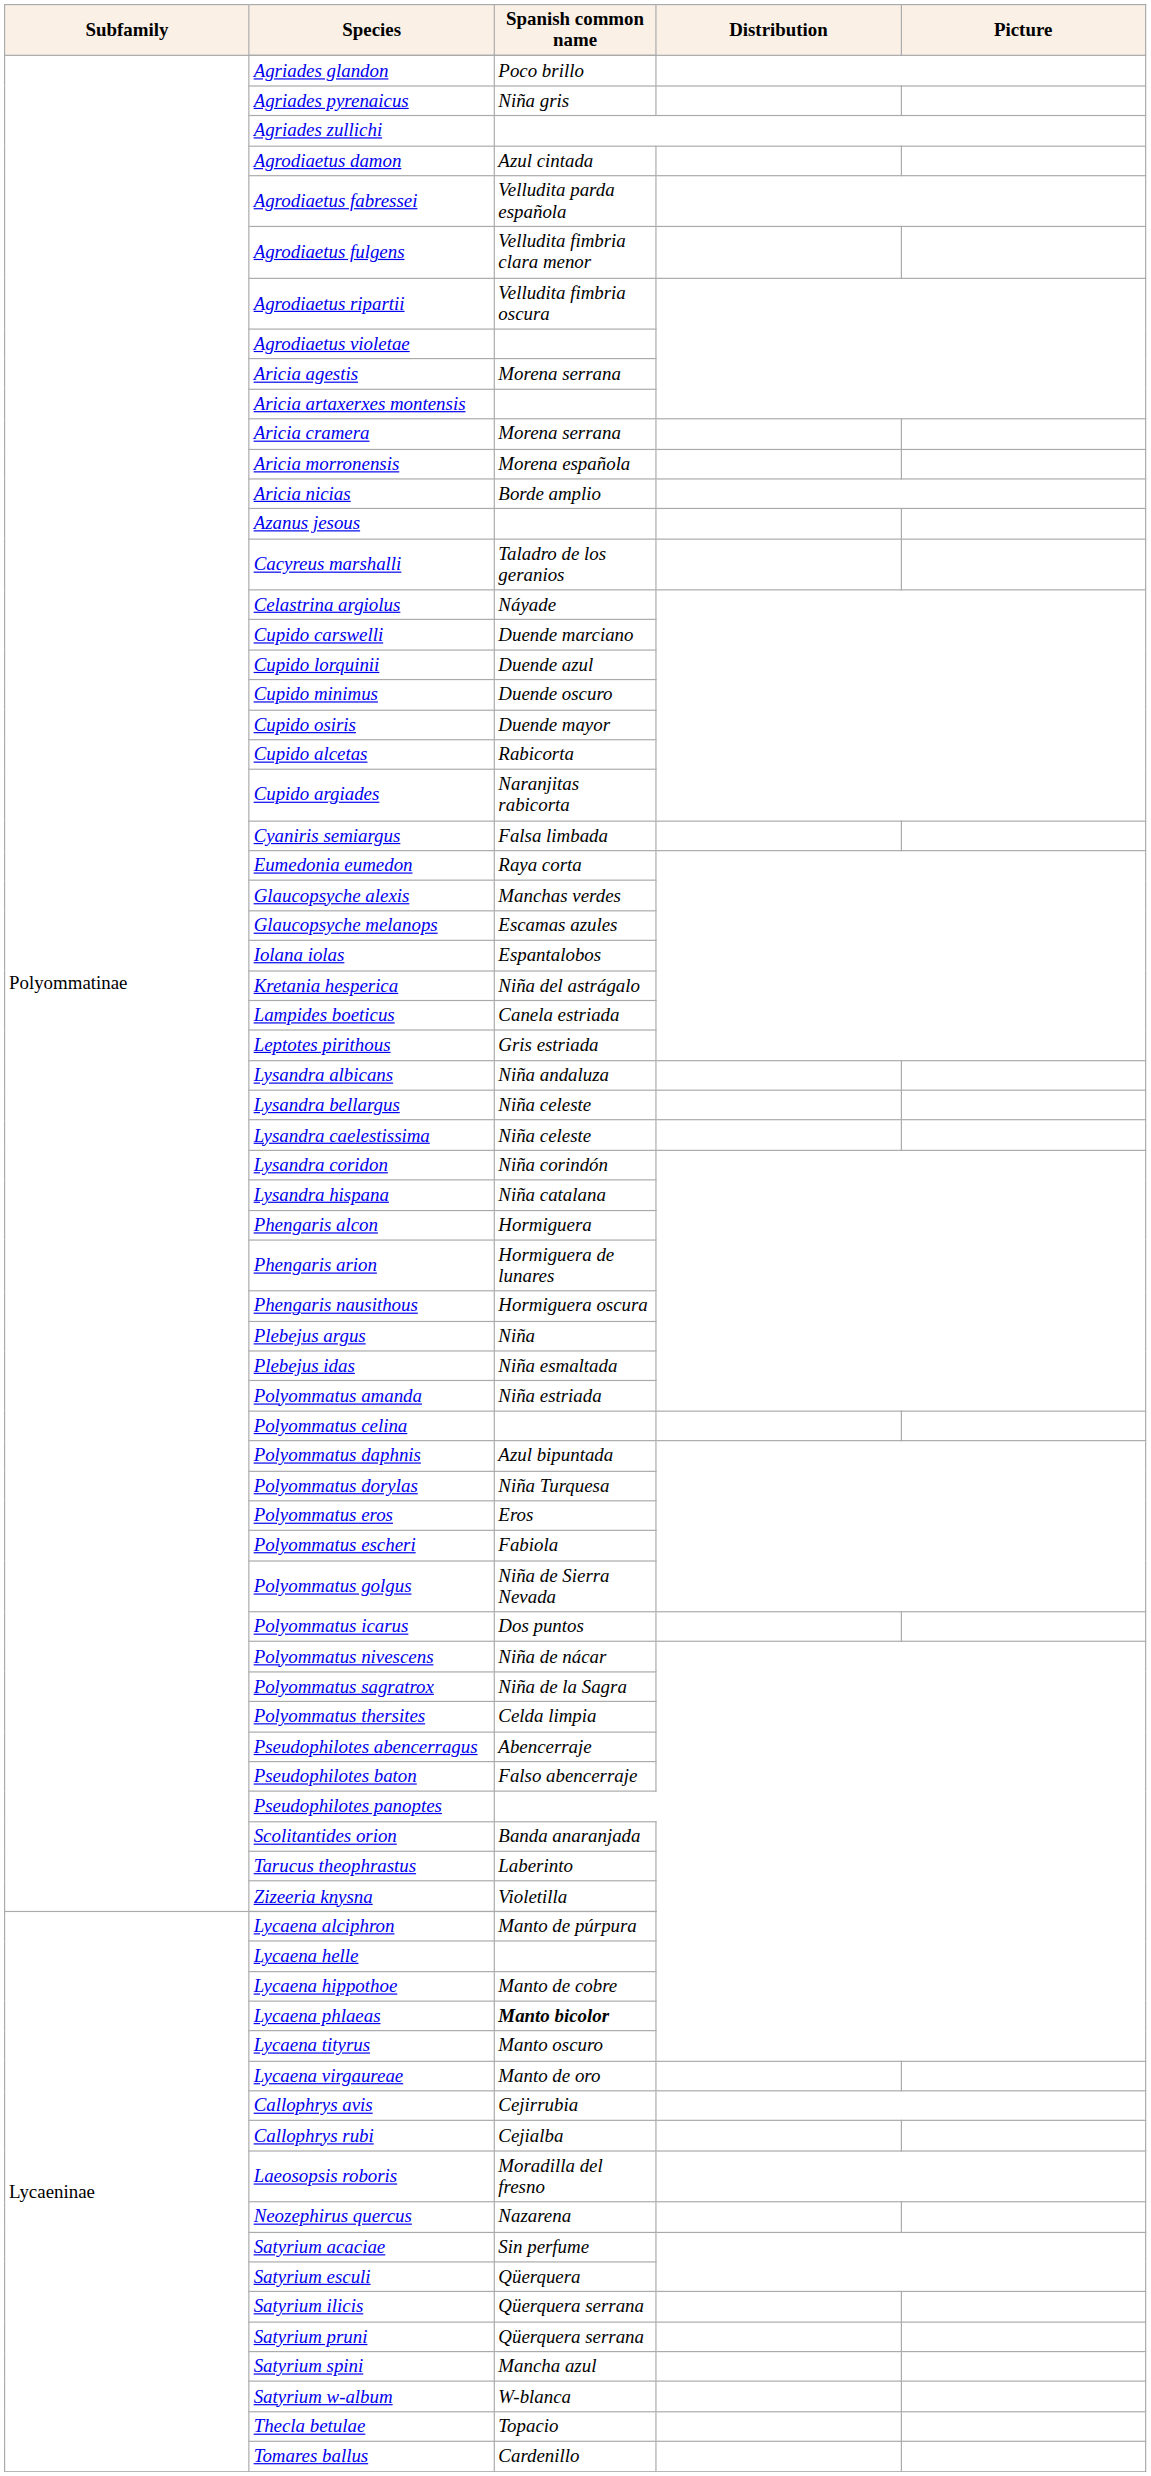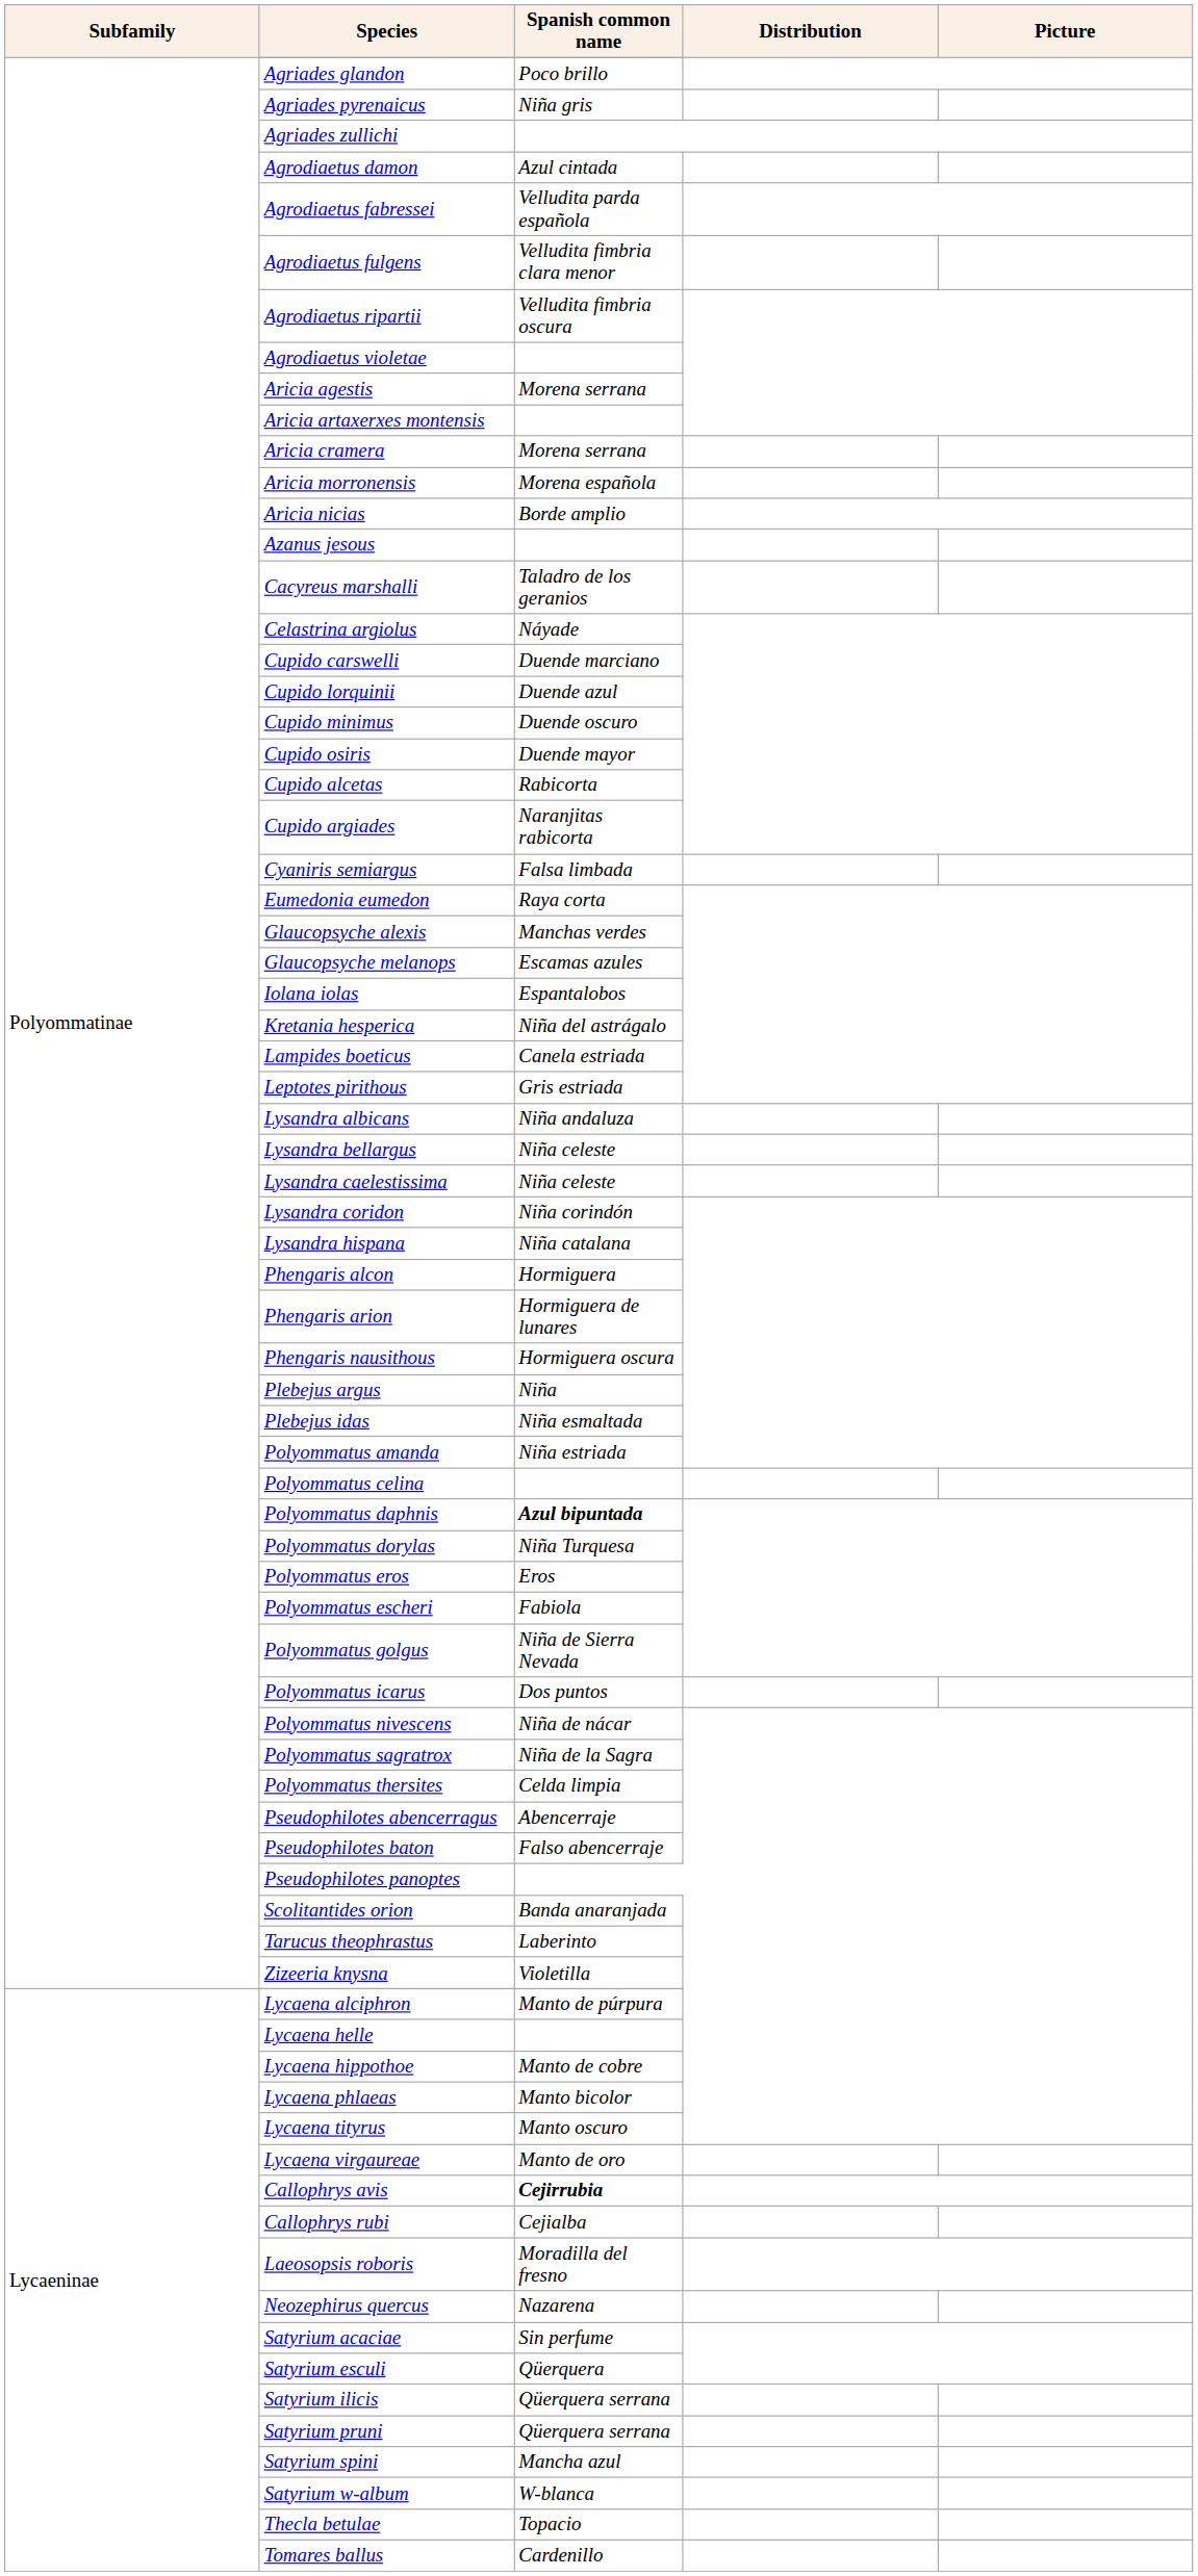 <table class="wikitable" border="0" style="background:#ffffff" align="top" class="sortable wikitable">
 <tr ->
 <th style="background:Linen; color:Black" width=200 px>Subfamily</th>
 <th style="background:Linen; color:Black" width=200 px>Species</th>
 <th style="background:Linen; color:Black" width=130 px>Spanish common name</th>
 <th style="background:Linen; color:Black" width=200 px>Distribution</th>
 <th style="background:Linen; color:Black" width=200 px>Picture</th>
 </tr>
 <tr>
 <td rowspan = 58>Polyommatinae</td>
 </tr>
 <tr>
 <td><em><a href='#'>Agriades glandon</a></em></td>
 <td><em>Poco brillo</em></td>
 </tr>
 <tr>
 <td><em><a href='#'>Agriades pyrenaicus</a></em></td>
 <td><em>Niña gris</em></td>
 <td></td>
 <td></td>
 </tr>
 <tr>
 <td><em><a href='#'>Agriades zullichi</a></em></td>
 </tr>
 <tr>
 <td><em><a href='#'>Agrodiaetus damon</a></em></td>
 <td><em>Azul cintada</em></td>
 <td></td>
 <td></td>
 </tr>
 <tr>
 <td><em><a href='#'>Agrodiaetus fabressei</a></em></td>
 <td><em>Velludita parda española</em></td>
 </tr>
 <tr>
 <td><em><a href='#'>Agrodiaetus fulgens</a></em></td>
 <td><em>Velludita fimbria clara menor</em></td>
 <td></td>
 <td></td>
 </tr>
 <tr>
 <td><em><a href='#'>Agrodiaetus ripartii</a></em></td>
 <td><em>Velludita fimbria oscura</em></td>
 </tr>
 <tr>
 <td><em><a href='#'>Agrodiaetus violetae</a></em></td>
 <td></td>
 </tr>
 <tr>
 <td><em><a href='#'>Aricia agestis</a></em></td>
 <td><em>Morena serrana</em></td>
 </tr>
 <tr>
 <td><em><a href='#'>Aricia artaxerxes montensis</a></em></td>
 <td></td>
 </tr>
 <tr>
 <td><em><a href='#'>Aricia cramera</a></em></td>
 <td><em>Morena serrana</em></td>
 <td></td>
 <td></td>
 </tr>
 <tr>
 <td><em><a href='#'>Aricia morronensis</a></em></td>
 <td><em>Morena española</em></td>
 <td></td>
 <td></td>
 </tr>
 <tr>
 <td><em><a href='#'>Aricia nicias</a></em></td>
 <td><em>Borde amplio</em></td>
 </tr>
 <tr>
 <td><em><a href='#'>Azanus jesous</a></em></td>
 <td></td>
 <td></td>
 <td></td>
 </tr>
 <tr>
 <td><em><a href='#'>Cacyreus marshalli</a></em></td>
 <td><em>Taladro de los geranios</em></td>
 <td></td>
 <td></td>
 </tr>
 <tr>
 <td><em><a href='#'>Celastrina argiolus</a></em></td>
 <td><em>Náyade</em></td>
 </tr>
 <tr>
 <td><em><a href='#'>Cupido carswelli</a></em></td>
 <td><em>Duende marciano</em></td>
 </tr>
 <tr>
 <td><em><a href='#'>Cupido lorquinii</a></em></td>
 <td><em>Duende azul</em></td>
 </tr>
 <tr>
 <td><em><a href='#'>Cupido minimus</a></em></td>
 <td><em>Duende oscuro</em></td>
 </tr>
 <tr>
 <td><em><a href='#'>Cupido osiris</a></em></td>
 <td><em>Duende mayor</em></td>
 </tr>
 <tr>
 <td><em><a href='#'>Cupido alcetas</a></em></td>
 <td><em>Rabicorta</em></td>
 </tr>
 <tr>
 <td><em><a href='#'>Cupido argiades</a></em></td>
 <td><em>Naranjitas rabicorta</em></td>
 </tr>
 <tr>
 <td><em><a href='#'>Cyaniris semiargus</a></em></td>
 <td><em>Falsa limbada</em></td>
 <td></td>
 <td></td>
 </tr>
 <tr>
 <td><em><a href='#'>Eumedonia eumedon</a></em></td>
 <td><em>Raya corta</em></td>
 </tr>
 <tr>
 <td><em><a href='#'>Glaucopsyche alexis</a></em></td>
 <td><em>Manchas verdes</em></td>
 </tr>
 <tr>
 <td><em><a href='#'>Glaucopsyche melanops</a></em></td>
 <td><em>Escamas azules</em></td>
 </tr>
 <tr>
 <td><em><a href='#'>Iolana iolas</a></em></td>
 <td><em>Espantalobos</em></td>
 </tr>
 <tr>
 <td><em><a href='#'>Kretania hesperica</a></em></td>
 <td><em>Niña del astrágalo</em></td>
 </tr>
 <tr>
 <td><em><a href='#'>Lampides boeticus</a></em></td>
 <td><em>Canela estriada</em></td>
 </tr>
 <tr>
 <td><em><a href='#'>Leptotes pirithous</a></em></td>
 <td><em>Gris estriada</em></td>
 </tr>
 <tr>
 <td><em><a href='#'>Lysandra albicans</a></em></td>
 <td><em>Niña andaluza</em></td>
 <td></td>
 <td></td>
 </tr>
 <tr>
 <td><em><a href='#'>Lysandra bellargus</a></em></td>
 <td><em>Niña celeste</em></td>
 <td></td>
 <td></td>
 </tr>
 <tr>
 <td><em><a href='#'>Lysandra caelestissima</a></em></td>
 <td><em>Niña celeste</em></td>
 <td></td>
 <td></td>
 </tr>
 <tr>
 <td><em><a href='#'>Lysandra coridon</a></em></td>
 <td><em>Niña corindón</em></td>
 </tr>
 <tr>
 <td><em><a href='#'>Lysandra hispana</a></em></td>
 <td><em>Niña catalana</em></td>
 </tr>
 <tr>
 <td><em><a href='#'>Phengaris alcon</a></em></td>
 <td><em>Hormiguera</em></td>
 </tr>
 <tr>
 <td><em><a href='#'>Phengaris arion</a></em></td>
 <td><em>Hormiguera de lunares</em></td>
 </tr>
 <tr>
 <td><em><a href='#'>Phengaris nausithous</a></em></td>
 <td><em>Hormiguera oscura</em></td>
 </tr>
 <tr>
 <td><em><a href='#'>Plebejus argus</a></em></td>
 <td><em>Niña</em></td>
 </tr>
 <tr>
 <td><em><a href='#'>Plebejus idas</a></em></td>
 <td><em>Niña esmaltada</em></td>
 </tr>
 <tr>
 <td><em><a href='#'>Polyommatus amanda</a></em></td>
 <td><em>Niña estriada</em></td>
 </tr>
 <tr>
 <td><em><a href='#'>Polyommatus celina</a></em></td>
 <td></td>
 <td></td>
 <td></td>
 </tr>
 <tr>
 <td><em><a href='#'>Polyommatus daphnis</a></em></td>
-<td><em>Azul bipuntada</em></td>
+<td><strong><em>Azul bipuntada</em></strong></td>
 </tr>
 <tr>
 <td><em><a href='#'>Polyommatus dorylas</a></em></td>
 <td><em>Niña Turquesa</em></td>
 </tr>
 <tr>
 <td><em><a href='#'>Polyommatus eros</a></em></td>
 <td><em>Eros</em></td>
 </tr>
 <tr>
 <td><em><a href='#'>Polyommatus escheri</a></em></td>
 <td><em>Fabiola</em></td>
 </tr>
 <tr>
 <td><em><a href='#'>Polyommatus golgus</a></em></td>
 <td><em>Niña de Sierra Nevada</em></td>
 </tr>
 <tr>
 <td><em><a href='#'>Polyommatus icarus</a></em></td>
 <td><em>Dos puntos</em></td>
 <td></td>
 <td></td>
 </tr>
 <tr>
 <td><em><a href='#'>Polyommatus nivescens</a></em></td>
 <td><em>Niña de nácar</em></td>
 </tr>
 <tr>
 <td><em><a href='#'>Polyommatus sagratrox</a></em></td>
 <td><em>Niña de la Sagra</em></td>
 </tr>
 <tr>
 <td><em><a href='#'>Polyommatus thersites</a></em></td>
 <td><em>Celda limpia</em></td>
 </tr>
 <tr>
 <td><em><a href='#'>Pseudophilotes abencerragus</a></em></td>
 <td><em>Abencerraje</em></td>
 </tr>
 <tr>
 <td><em><a href='#'>Pseudophilotes baton</a></em></td>
 <td><em>Falso abencerraje</em></td>
 </tr>
 <tr>
 <td><em><a href='#'>Pseudophilotes panoptes</a></em></td>
 </tr>
 <tr>
 <td><em><a href='#'>Scolitantides orion</a></em></td>
 <td><em>Banda anaranjada</em></td>
 </tr>
 <tr>
 <td><em><a href='#'>Tarucus theophrastus</a></em></td>
 <td><em>Laberinto</em></td>
 </tr>
 <tr>
 <td><em><a href='#'>Zizeeria knysna</a></em></td>
 <td><em>Violetilla</em></td>
 </tr>
 <tr>
 <td rowspan = 19>Lycaeninae</td>
 </tr>
 <tr>
 <td><em><a href='#'>Lycaena alciphron</a></em></td>
 <td><em>Manto de púrpura</em></td>
 </tr>
 <tr>
 <td><em><a href='#'>Lycaena helle</a></em></td>
 <td></td>
 </tr>
 <tr>
 <td><em><a href='#'>Lycaena hippothoe</a></em></td>
 <td><em>Manto de cobre</em></td>
 </tr>
 <tr>
 <td><em><a href='#'>Lycaena phlaeas</a></em></td>
-<td><strong><em>Manto bicolor</em></strong></td>
+<td><em>Manto bicolor</em></td>
 </tr>
 <tr>
 <td><em><a href='#'>Lycaena tityrus</a></em></td>
 <td><em>Manto oscuro</em></td>
 </tr>
 <tr>
 <td><em><a href='#'>Lycaena virgaureae</a></em></td>
 <td><em>Manto de oro</em></td>
 <td></td>
 <td></td>
 </tr>
 <tr>
 <td><a href='#'><em>Callophrys avis</em></a></td>
-<td><em>Cejirrubia</em></td>
+<td><strong><em>Cejirrubia</em></strong></td>
 </tr>
 <tr>
 <td><a href='#'><em>Callophrys rubi</em></a></td>
 <td><em>Cejialba</em></td>
 <td></td>
 <td></td>
 </tr>
 <tr>
 <td><em><a href='#'>Laeosopsis roboris</a></em></td>
 <td><em>Moradilla del fresno</em></td>
 </tr>
 <tr>
 <td><em><a href='#'>Neozephirus quercus</a></em></td>
 <td><em>Nazarena</em></td>
 <td></td>
 <td></td>
 </tr>
 <tr>
 <td><em><a href='#'>Satyrium acaciae</a></em></td>
 <td><em>Sin perfume</em></td>
 </tr>
 <tr>
 <td><em><a href='#'>Satyrium esculi</a></em></td>
 <td><em>Qüerquera</em></td>
 </tr>
 <tr>
 <td><em><a href='#'>Satyrium ilicis</a></em></td>
 <td><em>Qüerquera serrana</em></td>
 <td></td>
 <td></td>
 </tr>
 <tr>
 <td><em><a href='#'>Satyrium pruni</a></em></td>
 <td><em>Qüerquera serrana</em></td>
 <td></td>
 <td></td>
 </tr>
 <tr>
 <td><em><a href='#'>Satyrium spini</a></em></td>
 <td><em>Mancha azul</em></td>
 <td></td>
 <td></td>
 </tr>
 <tr>
 <td><em><a href='#'>Satyrium w-album</a></em></td>
 <td><em>W-blanca</em></td>
 <td></td>
 <td></td>
 </tr>
 <tr>
 <td><em><a href='#'>Thecla betulae</a></em></td>
 <td><em>Topacio</em></td>
 <td></td>
 <td></td>
 </tr>
 <tr>
 <td><em><a href='#'>Tomares ballus</a></em></td>
 <td><em>Cardenillo</em></td>
 <td></td>
 <td></td>
 </tr>
 <tr>
 </tr>
 </table>
